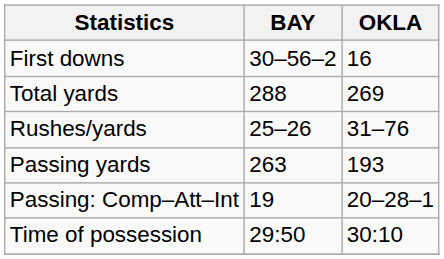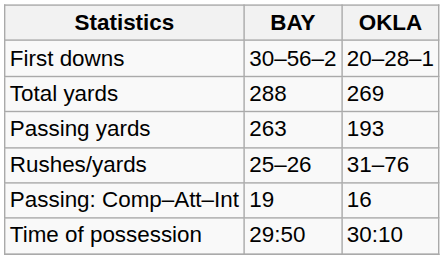 <table class="wikitable" style="float: left;">
 <tr>
 <th>Statistics</th>
 <th>BAY</th>
 <th>OKLA</th>
 </tr>
 <tr>
 <td>First downs</td>
 <td>30–56–2</td>
-<td>16</td>
+<td>20–28–1</td>
 </tr>
 <tr>
 <td>Total yards</td>
 <td>288</td>
 <td>269</td>
 </tr>
 <tr>
+<td>Passing yards</td>
+<td>263</td>
+<td>193</td>
+</tr>
+<tr>
 <td>Rushes/yards</td>
 <td>25–26</td>
 <td>31–76</td>
 </tr>
 <tr>
-<td>Passing yards</td>
-<td>263</td>
-<td>193</td>
-</tr>
-<tr>
 <td>Passing: Comp–Att–Int</td>
 <td>19</td>
-<td>20–28–1</td>
+<td>16</td>
 </tr>
 <tr>
 <td>Time of possession</td>
 <td>29:50</td>
 <td>30:10</td>
 </tr>
 <tr>
 </tr>
 </table>
